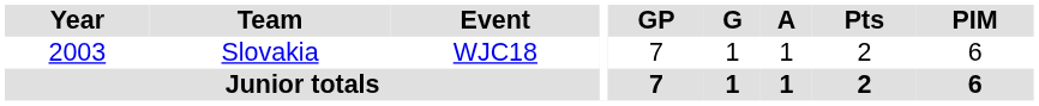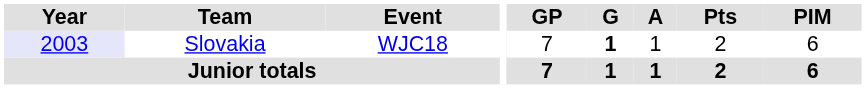 <table border="0" cellpadding="1" cellspacing="0" ID="Table3" style="text-align:center; width:40em">
 <tr ALIGN="center" bgcolor="#e0e0e0">
 <th>Year</th>
 <th>Team</th>
 <th>Event</th>
 <th rowspan="99" bgcolor="#ffffff"></th>
 <th>GP</th>
 <th>G</th>
 <th>A</th>
 <th>Pts</th>
 <th>PIM</th>
 </tr>
 <tr>
-<td><a href='#'>2003</a></td>
+<td style="background: lavender;"><a href='#'>2003</a></td>
 <td><a href='#'>Slovakia</a></td>
 <td><a href='#'>WJC18</a></td>
 <td>7</td>
-<td>1</td>
+<td><strong>1</strong></td>
 <td>1</td>
 <td>2</td>
 <td>6</td>
 </tr>
 <tr bgcolor="#e0e0e0">
 <th colspan="3">Junior totals</th>
 <th>7</th>
 <th>1</th>
 <th>1</th>
 <th>2</th>
 <th>6</th>
 </tr>
 </table>
